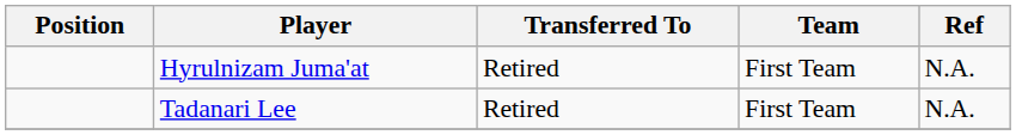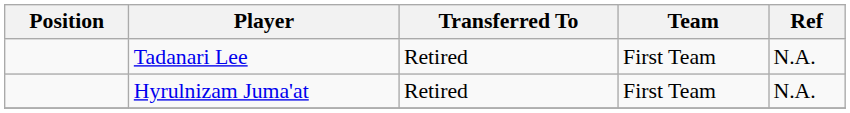 <table class="wikitable sortable" style="width:70%; text-align:center; font-size:100%; text-align:left;">
 <tr>
 <th>Position</th>
 <th>Player</th>
 <th>Transferred To</th>
 <th>Team</th>
 <th>Ref</th>
 </tr>
 <tr>
 <td></td>
-<td> <a href='#'>Hyrulnizam Juma'at</a></td>
+<td> <a href='#'>Tadanari Lee</a></td>
 <td>Retired</td>
 <td>First Team</td>
 <td>N.A. </td>
 </tr>
 <tr>
 <td></td>
-<td> <a href='#'>Tadanari Lee</a></td>
+<td> <a href='#'>Hyrulnizam Juma'at</a></td>
 <td>Retired</td>
 <td>First Team</td>
 <td>N.A. </td>
 </tr>
 <tr>
 </tr>
 </table>
